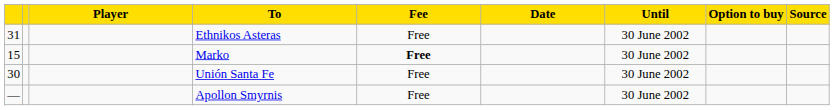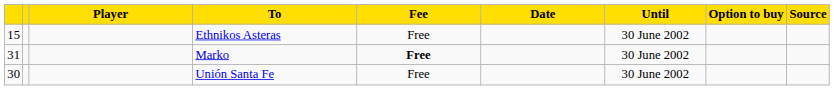 <table class="wikitable sortable">
 <tr>
 <th style="background:#FFDE00"></th>
 <th style="background:#FFDE00"></th>
 <th width=200 style="background:#FFDE00">Player</th>
 <th width=200 style="background:#FFDE00">To</th>
 <th width=150 style="background:#FFDE00">Fee</th>
 <th width=150 style="background:#FFDE00">Date</th>
 <th width=120 style="background:#FFDE00">Until</th>
 <th style="background:#FFDE00">Option to buy</th>
 <th style="background:#FFDE00">Source</th>
 </tr>
 <tr>
-<td align=center>31</td>
+<td align=center>15</td>
 <td align=center></td>
 <td></td>
 <td> <a href='#'>Ethnikos Asteras</a></td>
 <td align=center>Free</td>
 <td align=center></td>
 <td align=center>30 June 2002</td>
 <td align=center></td>
 <td align=center></td>
 </tr>
 <tr>
-<td align=center>15</td>
+<td align=center>31</td>
 <td align=center></td>
 <td></td>
 <td> <a href='#'>Marko</a></td>
 <td align=center><strong>Free</strong></td>
 <td align=center></td>
 <td align=center>30 June 2002</td>
 <td align=center></td>
 <td align=center></td>
 </tr>
 <tr>
 <td align=center>30</td>
 <td align=center></td>
 <td></td>
 <td> <a href='#'>Unión Santa Fe</a></td>
 <td align=center>Free</td>
 <td align=center></td>
 <td align=center>30 June 2002</td>
 <td align=center></td>
 <td align=center></td>
 </tr>
-<tr>
-<td align=center>—</td>
-<td align=center></td>
-<td></td>
-<td> <a href='#'>Apollon Smyrnis</a></td>
-<td align=center>Free</td>
-<td align=center></td>
-<td align=center>30 June 2002</td>
-<td align=center></td>
-<td align=center></td>
-</tr>
 </table>
